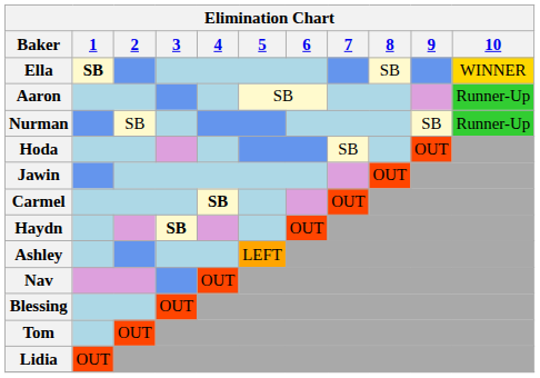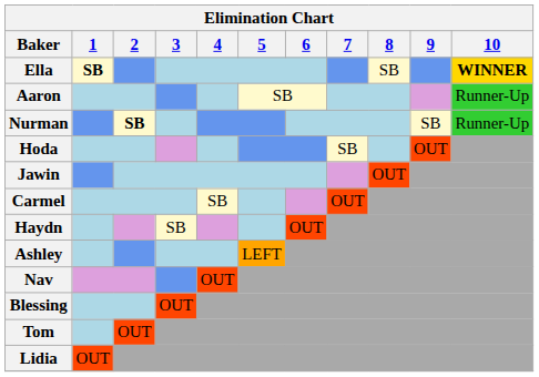 <table class="wikitable" style="text-align:center">
 <tr>
 <th colspan="11">Elimination Chart</th>
 </tr>
 <tr>
 <th>Baker</th>
 <th><a href='#'>1</a></th>
 <th><a href='#'>2</a></th>
 <th><a href='#'>3</a></th>
 <th><a href='#'>4</a></th>
 <th><a href='#'>5</a></th>
 <th><a href='#'>6</a></th>
 <th><a href='#'>7</a></th>
 <th><a href='#'>8</a></th>
 <th><a href='#'>9</a></th>
 <th><a href='#'>10</a></th>
 </tr>
 <tr>
 <th>Ella</th>
 <td style="background:LemonChiffon;"><strong>SB</strong></td>
 <td style="background:CornflowerBlue;"></td>
 <td colspan="4" style="background:LightBlue;"></td>
 <td style="background:CornflowerBlue;"></td>
 <td style="background:LemonChiffon;">SB</td>
 <td style="background:CornflowerBlue;"></td>
-<td style="background:Gold;">WINNER</td>
+<td style="background:Gold;"><strong>WINNER</strong></td>
 </tr>
 <tr>
 <th>Aaron</th>
 <td colspan="2" style="background:LightBlue;"></td>
 <td style="background:CornflowerBlue;"></td>
 <td style="background:LightBlue;"></td>
 <td colspan="2" style="background:LemonChiffon;">SB</td>
 <td colspan="2" style="background:LightBlue;"></td>
 <td style="background:Plum;"></td>
 <td style="background:LimeGreen;">Runner-Up</td>
 </tr>
 <tr>
 <th>Nurman</th>
 <td style="background:CornflowerBlue;"></td>
-<td style="background:LemonChiffon;">SB</td>
+<td style="background:LemonChiffon;"><strong>SB</strong></td>
 <td style="background:LightBlue;"></td>
 <td colspan="2" style="background:CornflowerBlue;"></td>
 <td colspan="3" style="background:LightBlue;"></td>
 <td style="background:LemonChiffon;">SB</td>
 <td style="background:LimeGreen;">Runner-Up</td>
 </tr>
 <tr>
 <th>Hoda</th>
 <td colspan="2" style="background:LightBlue;"></td>
 <td style="background:Plum;"></td>
 <td style="background:LightBlue;"></td>
 <td colspan="2" style="background:CornflowerBlue;"></td>
 <td style="background:LemonChiffon;">SB</td>
 <td style="background:LightBlue;"></td>
 <td style="background:OrangeRed;">OUT</td>
 <td style="background:DarkGrey;"></td>
 </tr>
 <tr>
 <th>Jawin</th>
 <td style="background:CornflowerBlue;"></td>
 <td colspan="5" style="background:LightBlue;"></td>
 <td style="background:Plum;"></td>
 <td style="background:OrangeRed;">OUT</td>
 <td colspan="2" style="background:DarkGrey;"></td>
 </tr>
 <tr>
 <th>Carmel</th>
 <td colspan="3" style="background:LightBlue;"></td>
-<td style="background:LemonChiffon;"><strong>SB</strong></td>
+<td style="background:LemonChiffon;">SB</td>
 <td style="background:LightBlue;"></td>
 <td style="background:Plum;"></td>
 <td style="background:OrangeRed;">OUT</td>
 <td colspan="3" style="background:DarkGrey;"></td>
 </tr>
 <tr>
 <th>Haydn</th>
 <td style="background:LightBlue;"></td>
 <td style="background:Plum;"></td>
-<td style="background:LemonChiffon;"><strong>SB</strong></td>
+<td style="background:LemonChiffon;">SB</td>
 <td style="background:Plum;"></td>
 <td style="background:LightBlue;"></td>
 <td style="background:OrangeRed;">OUT</td>
 <td colspan="4" style="background:DarkGrey;"></td>
 </tr>
 <tr>
 <th>Ashley</th>
 <td style="background:LightBlue;"></td>
 <td style="background:CornflowerBlue;"></td>
 <td colspan="2" style="background:LightBlue;"></td>
 <td style="background:Orange;">LEFT</td>
 <td colspan="5" style="background:DarkGrey;"></td>
 </tr>
 <tr>
 <th>Nav</th>
 <td colspan="2" style="background:Plum;"></td>
 <td style="background:CornflowerBlue;"></td>
 <td style="background:OrangeRed;">OUT</td>
 <td colspan="6" style="background:DarkGrey;"></td>
 </tr>
 <tr>
 <th>Blessing</th>
 <td colspan="2" style="background:LightBlue;"></td>
 <td style="background:OrangeRed;">OUT</td>
 <td colspan="7" style="background:DarkGrey;"></td>
 </tr>
 <tr>
 <th>Tom</th>
 <td style="background:LightBlue;"></td>
 <td style="background:OrangeRed;">OUT</td>
 <td colspan="8" style="background:DarkGrey;"></td>
 </tr>
 <tr>
 <th>Lidia</th>
 <td style="background:OrangeRed;">OUT</td>
 <td colspan="9" style="background:DarkGrey;"></td>
 </tr>
 <tr>
 </tr>
 </table>
